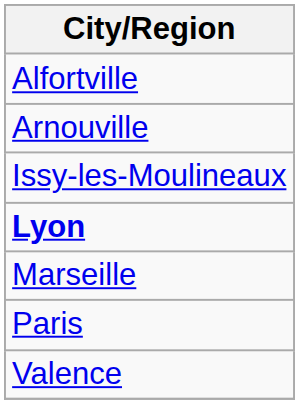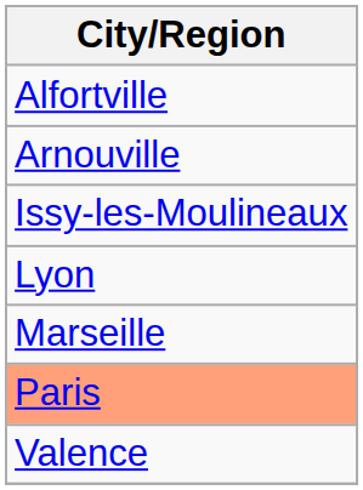 <table class="wikitable">
 <tr>
 <th>City/Region</th>
 </tr>
 <tr>
 <td><a href='#'>Alfortville</a></td>
 </tr>
 <tr>
 <td><a href='#'>Arnouville</a></td>
 </tr>
 <tr>
 <td><a href='#'>Issy-les-Moulineaux</a></td>
 </tr>
 <tr>
-<td><strong><a href='#'>Lyon</a></strong></td>
+<td><a href='#'>Lyon</a></td>
 </tr>
 <tr>
 <td><a href='#'>Marseille</a></td>
 </tr>
 <tr>
-<td><a href='#'>Paris</a></td>
+<td style="background: lightsalmon;"><a href='#'>Paris</a></td>
 </tr>
 <tr>
 <td><a href='#'>Valence</a></td>
 </tr>
 <tr>
 </tr>
 </table>
